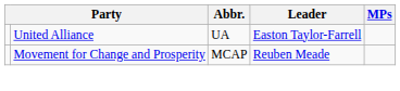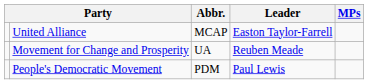 <table class="wikitable">
 <tr>
 <th colspan="2">Party</th>
 <th>Abbr.</th>
 <th>Leader</th>
 <th><a href='#'>MPs</a></th>
 </tr>
 <tr>
 <td></td>
 <td><a href='#'>United Alliance</a></td>
-<td>UA</td>
+<td>MCAP</td>
 <td><a href='#'>Easton Taylor-Farrell</a></td>
 <td></td>
 </tr>
 <tr>
 <td></td>
 <td><a href='#'>Movement for Change and Prosperity</a></td>
-<td>MCAP</td>
+<td>UA</td>
 <td><a href='#'>Reuben Meade</a></td>
 <td></td>
 </tr>
+<tr>
+<td></td>
+<td><a href='#'>People's Democratic Movement</a></td>
+<td>PDM</td>
+<td><a href='#'>Paul Lewis</a></td>
+<td></td>
+</tr>
 </table>
